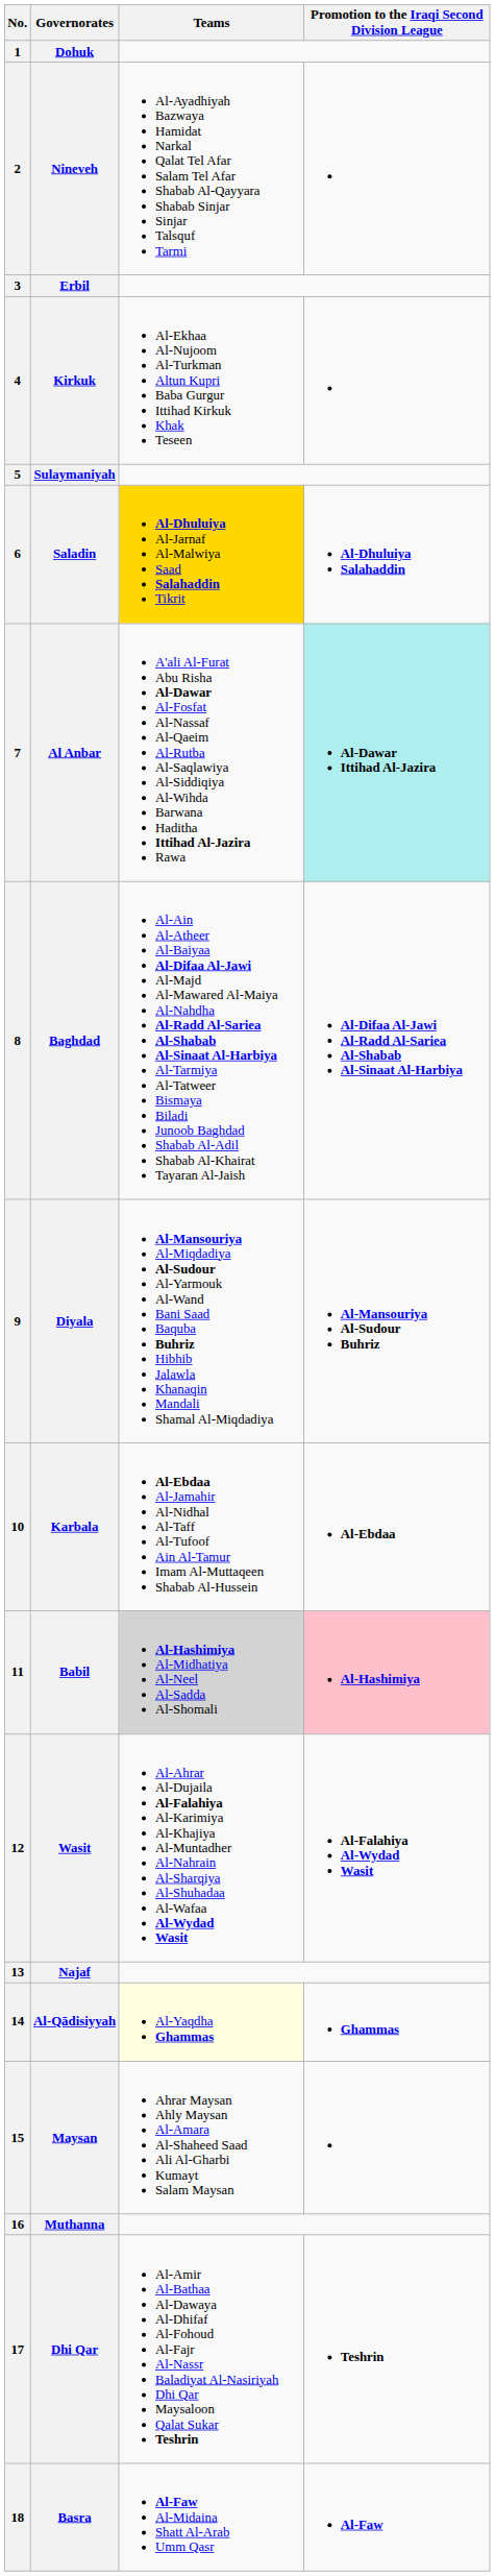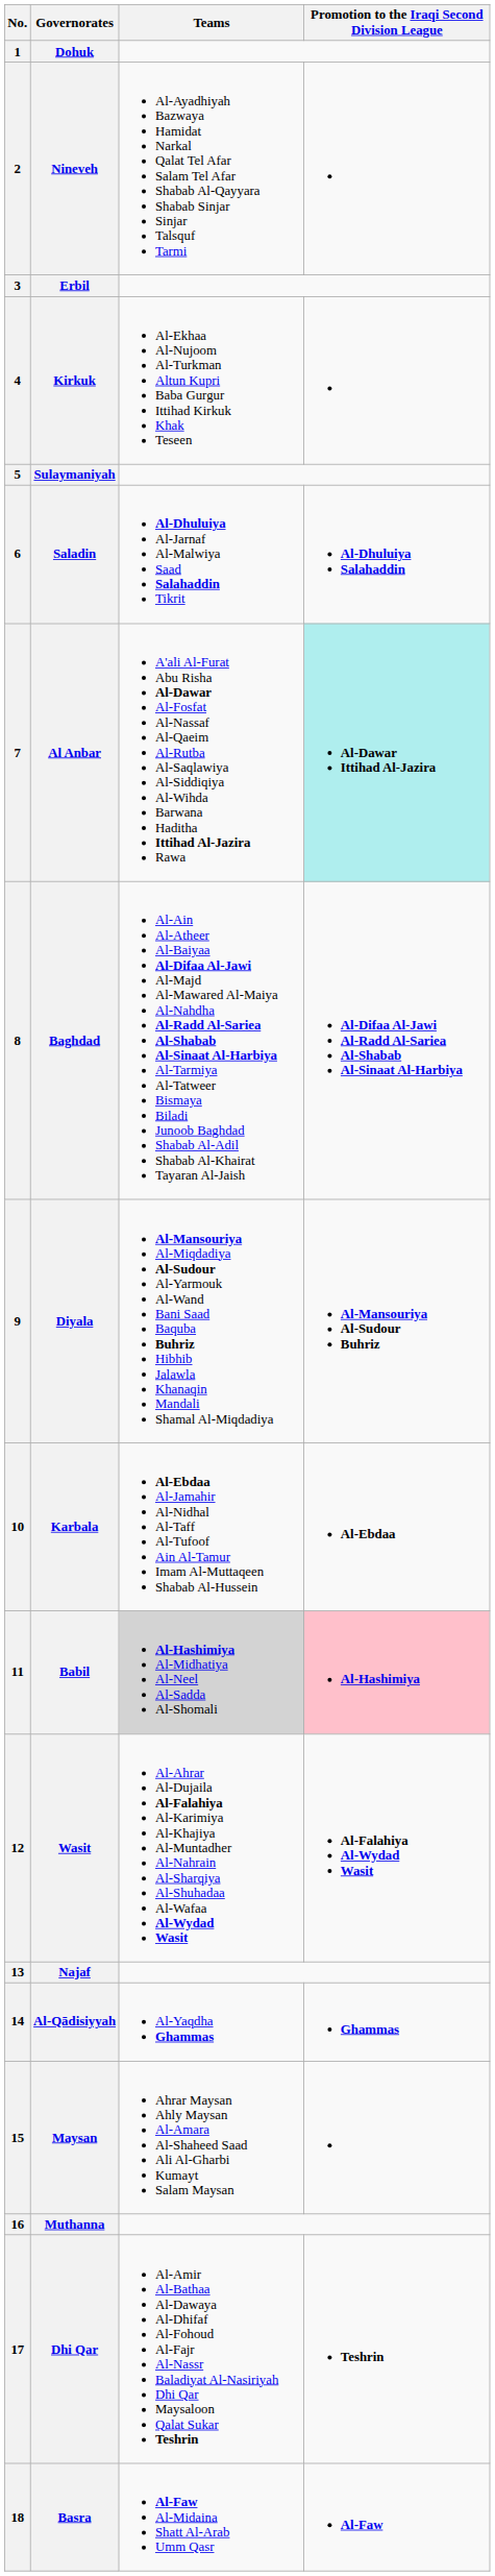 <table class="wikitable">
 <tr>
 <th>No.</th>
 <th>Governorates</th>
 <th width=215>Teams</th>
 <th width=215>Promotion to the <a href='#'>Iraqi Second Division League</a></th>
 </tr>
 <tr>
 <th>1</th>
 <th><a href='#'>Dohuk</a></th>
 <td colspan="3"></td>
 </tr>
 <tr>
 <th>2</th>
 <th><a href='#'>Nineveh</a></th>
 <td><br><ul><li>Al-Ayadhiyah</li><li>Bazwaya</li><li>Hamidat</li><li>Narkal</li><li>Qalat Tel Afar</li><li>Salam Tel Afar</li><li>Shabab Al-Qayyara</li><li>Shabab Sinjar</li><li>Sinjar</li><li>Talsquf</li><li><a href='#'>Tarmi</a></li></ul></td>
 <td><br><ul><li></li></ul></td>
 </tr>
 <tr>
 <th>3</th>
 <th><a href='#'>Erbil</a></th>
 <td colspan="3"></td>
 </tr>
 <tr>
 <th>4</th>
 <th><a href='#'>Kirkuk</a></th>
 <td><br><ul><li>Al-Ekhaa</li><li>Al-Nujoom</li><li>Al-Turkman</li><li><a href='#'>Altun Kupri</a></li><li>Baba Gurgur</li><li>Ittihad Kirkuk</li><li><a href='#'>Khak</a></li><li>Teseen</li></ul></td>
 <td><br><ul><li></li></ul></td>
 </tr>
 <tr>
 <th>5</th>
 <th><a href='#'>Sulaymaniyah</a></th>
 <td colspan="3"></td>
 </tr>
 <tr>
 <th>6</th>
 <th><a href='#'>Saladin</a></th>
-<td style="background: gold;"><br><ul><li><strong><a href='#'>Al-Dhuluiya</a></strong></li><li>Al-Jarnaf</li><li>Al-Malwiya</li><li><a href='#'>Saad</a></li><li><strong><a href='#'>Salahaddin</a></strong></li><li><a href='#'>Tikrit</a></li></ul></td>
+<td><br><ul><li><strong><a href='#'>Al-Dhuluiya</a></strong></li><li>Al-Jarnaf</li><li>Al-Malwiya</li><li><a href='#'>Saad</a></li><li><strong><a href='#'>Salahaddin</a></strong></li><li><a href='#'>Tikrit</a></li></ul></td>
 <td><br><ul><li><strong><a href='#'>Al-Dhuluiya</a></strong></li><li><strong><a href='#'>Salahaddin</a></strong></li></ul></td>
 </tr>
 <tr>
 <th>7</th>
 <th><a href='#'>Al Anbar</a></th>
 <td><br><ul><li><a href='#'>A'ali Al-Furat</a></li><li>Abu Risha</li><li><strong>Al-Dawar</strong></li><li><a href='#'>Al-Fosfat</a></li><li>Al-Nassaf</li><li>Al-Qaeim</li><li><a href='#'>Al-Rutba</a></li><li>Al-Saqlawiya</li><li>Al-Siddiqiya</li><li>Al-Wihda</li><li>Barwana</li><li>Haditha</li><li><strong>Ittihad Al-Jazira</strong></li><li>Rawa</li></ul></td>
 <td style="background: paleturquoise;"><br><ul><li><strong>Al-Dawar</strong></li><li><strong>Ittihad Al-Jazira</strong></li></ul></td>
 </tr>
 <tr>
 <th>8</th>
 <th><a href='#'>Baghdad</a></th>
 <td><br><ul><li><a href='#'>Al-Ain</a></li><li><a href='#'>Al-Atheer</a></li><li><a href='#'>Al-Baiyaa</a></li><li><strong><a href='#'>Al-Difaa Al-Jawi</a></strong></li><li>Al-Majd</li><li>Al-Mawared Al-Maiya</li><li><a href='#'>Al-Nahdha</a></li><li><strong><a href='#'>Al-Radd Al-Sariea</a></strong></li><li><strong><a href='#'>Al-Shabab</a></strong></li><li><strong><a href='#'>Al-Sinaat Al-Harbiya</a></strong></li><li><a href='#'>Al-Tarmiya</a></li><li>Al-Tatweer</li><li><a href='#'>Bismaya</a></li><li><a href='#'>Biladi</a></li><li><a href='#'>Junoob Baghdad</a></li><li><a href='#'>Shabab Al-Adil</a></li><li>Shabab Al-Khairat</li><li>Tayaran Al-Jaish</li></ul></td>
 <td><br><ul><li><strong><a href='#'>Al-Difaa Al-Jawi</a></strong></li><li><strong><a href='#'>Al-Radd Al-Sariea</a></strong></li><li><strong><a href='#'>Al-Shabab</a></strong></li><li><strong><a href='#'>Al-Sinaat Al-Harbiya</a></strong></li></ul></td>
 </tr>
 <tr>
 <th>9</th>
 <th><a href='#'>Diyala</a></th>
 <td><br><ul><li><strong><a href='#'>Al-Mansouriya</a></strong></li><li><a href='#'>Al-Miqdadiya</a></li><li><strong>Al-Sudour</strong></li><li>Al-Yarmouk</li><li>Al-Wand</li><li><a href='#'>Bani Saad</a></li><li><a href='#'>Baquba</a></li><li><strong>Buhriz</strong></li><li><a href='#'>Hibhib</a></li><li><a href='#'>Jalawla</a></li><li><a href='#'>Khanaqin</a></li><li><a href='#'>Mandali</a></li><li>Shamal Al-Miqdadiya</li></ul></td>
 <td><br><ul><li><strong><a href='#'>Al-Mansouriya</a></strong></li><li><strong>Al-Sudour</strong></li><li><strong>Buhriz</strong></li></ul></td>
 </tr>
 <tr>
 <th>10</th>
 <th><a href='#'>Karbala</a></th>
 <td><br><ul><li><strong>Al-Ebdaa</strong></li><li><a href='#'>Al-Jamahir</a></li><li>Al-Nidhal</li><li>Al-Taff</li><li>Al-Tufoof</li><li><a href='#'>Ain Al-Tamur</a></li><li>Imam Al-Muttaqeen</li><li>Shabab Al-Hussein</li></ul></td>
 <td><br><ul><li><strong>Al-Ebdaa</strong></li></ul></td>
 </tr>
 <tr>
 <th>11</th>
 <th><a href='#'>Babil</a></th>
 <td style="background: lightgrey;"><br><ul><li><strong><a href='#'>Al-Hashimiya</a></strong></li><li><a href='#'>Al-Midhatiya</a></li><li><a href='#'>Al-Neel</a></li><li><a href='#'>Al-Sadda</a></li><li>Al-Shomali</li></ul></td>
 <td style="background: pink;"><br><ul><li><strong><a href='#'>Al-Hashimiya</a></strong></li></ul></td>
 </tr>
 <tr>
 <th>12</th>
 <th><a href='#'>Wasit</a></th>
 <td><br><ul><li><a href='#'>Al-Ahrar</a></li><li>Al-Dujaila</li><li><strong>Al-Falahiya</strong></li><li>Al-Karimiya</li><li>Al-Khajiya</li><li>Al-Muntadher</li><li><a href='#'>Al-Nahrain</a></li><li><a href='#'>Al-Sharqiya</a></li><li><a href='#'>Al-Shuhadaa</a></li><li>Al-Wafaa</li><li><strong><a href='#'>Al-Wydad</a></strong></li><li><strong><a href='#'>Wasit</a></strong></li></ul></td>
 <td><br><ul><li><strong>Al-Falahiya</strong></li><li><strong><a href='#'>Al-Wydad</a></strong></li><li><strong><a href='#'>Wasit</a></strong></li></ul></td>
 </tr>
 <tr>
 <th>13</th>
 <th><a href='#'>Najaf</a></th>
 <td colspan="3"></td>
 </tr>
 <tr>
 <th>14</th>
 <th><a href='#'>Al-Qādisiyyah</a></th>
-<td style="background: lightyellow;"><br><ul><li><a href='#'>Al-Yaqdha</a></li><li><strong><a href='#'>Ghammas</a></strong></li></ul></td>
+<td><br><ul><li><a href='#'>Al-Yaqdha</a></li><li><strong><a href='#'>Ghammas</a></strong></li></ul></td>
 <td><br><ul><li><strong><a href='#'>Ghammas</a></strong></li></ul></td>
 </tr>
 <tr>
 <th>15</th>
 <th><a href='#'>Maysan</a></th>
 <td><br><ul><li>Ahrar Maysan</li><li>Ahly Maysan</li><li><a href='#'>Al-Amara</a></li><li>Al-Shaheed Saad</li><li>Ali Al-Gharbi</li><li>Kumayt</li><li>Salam Maysan</li></ul></td>
 <td><br><ul><li></li></ul></td>
 </tr>
 <tr>
 <th>16</th>
 <th><a href='#'>Muthanna</a></th>
 <td colspan="3"></td>
 </tr>
 <tr>
 <th>17</th>
 <th><a href='#'>Dhi Qar</a></th>
 <td><br><ul><li>Al-Amir</li><li><a href='#'>Al-Bathaa</a></li><li>Al-Dawaya</li><li>Al-Dhifaf</li><li>Al-Fohoud</li><li>Al-Fajr</li><li><a href='#'>Al-Nassr</a></li><li><a href='#'>Baladiyat Al-Nasiriyah</a></li><li><a href='#'>Dhi Qar</a></li><li>Maysaloon</li><li><a href='#'>Qalat Sukar</a></li><li><strong>Teshrin</strong></li></ul></td>
 <td><br><ul><li><strong>Teshrin</strong></li></ul></td>
 </tr>
 <tr>
 <th>18</th>
 <th><a href='#'>Basra</a></th>
 <td><br><ul><li><strong><a href='#'>Al-Faw</a></strong></li><li><a href='#'>Al-Midaina</a></li><li><a href='#'>Shatt Al-Arab</a></li><li><a href='#'>Umm Qasr</a></li></ul></td>
 <td><br><ul><li><strong><a href='#'>Al-Faw</a></strong></li></ul></td>
 </tr>
 </table>
